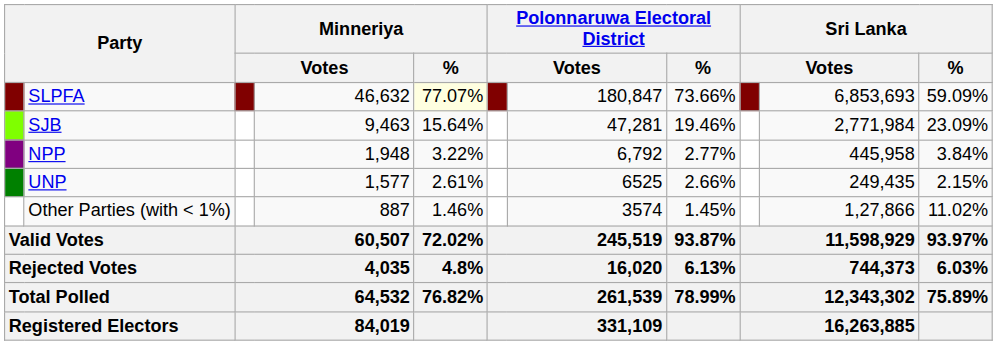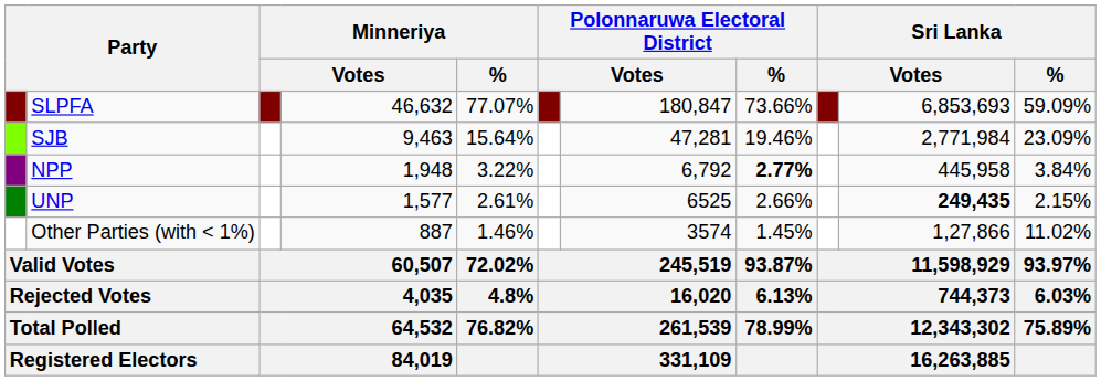 <table class="wikitable">
 <tr>
 <th colspan="2" width="144px"rowspan="2">Party</th>
 <th colspan="3" width="216px">Minneriya</th>
 <th colspan="3" width="216px"><a href='#'>Polonnaruwa Electoral District</a></th>
 <th colspan="3" width="216px">Sri Lanka</th>
 </tr>
 <tr>
 <th colspan="2" width="144px">Votes</th>
 <th>%</th>
 <th colspan="2" width="144px">Votes</th>
 <th>%</th>
 <th colspan="2" width="144px">Votes</th>
 <th>%</th>
 </tr>
 <tr>
 <td style="background-color:maroon;" width="10px"></td>
 <td style="text-align:left;"><a href='#'>SLPFA</a></td>
 <td style="background-color:maroon;" width="10px"></td>
 <td style="text-align:right;">46,632</td>
-<td style="background: lightyellow; text-align:right;">77.07%</td>
+<td style="text-align:right;">77.07%</td>
 <td style="background-color:maroon;" width="10px"></td>
 <td style="text-align:right;">180,847</td>
 <td style="text-align:right;">73.66%</td>
 <td style="background-color:maroon;" width="10px"></td>
 <td style="text-align:right;">6,853,693</td>
 <td style="text-align:right;">59.09%</td>
 </tr>
 <tr>
 <td style="background-color:chartreuse;" width="10px"></td>
 <td style="text-align:left;"><a href='#'>SJB</a></td>
 <td style="background-color:white;" width="10px"></td>
 <td style="text-align:right;">9,463</td>
 <td style="text-align:right;">15.64%</td>
 <td style="background-color:white;" width="10px"></td>
 <td style="text-align:right;">47,281</td>
 <td style="text-align:right;">19.46%</td>
 <td style="background-color:white;" width="10px"></td>
 <td style="text-align:right;">2,771,984</td>
 <td style="text-align:right;">23.09%</td>
 </tr>
 <tr>
 <td style="background-color:purple;" width="10px"></td>
 <td style="text-align:left;"><a href='#'>NPP</a></td>
 <td style="background-color:white;" width="10px"></td>
 <td style="text-align:right;">1,948</td>
 <td style="text-align:right;">3.22%</td>
 <td style="background-color:white;" width="10px"></td>
 <td style="text-align:right;">6,792</td>
-<td style="text-align:right;">2.77%</td>
+<td style="text-align:right;"><strong>2.77%</strong></td>
 <td style="background-color:white;" width="10px"></td>
 <td style="text-align:right;">445,958</td>
 <td style="text-align:right;">3.84%</td>
 </tr>
 <tr>
 <td style="background-color:Green;" width="10px"></td>
 <td style="text-align:left;"><a href='#'>UNP</a></td>
 <td style="background-color:white;" width="10px"></td>
 <td style="text-align:right;">1,577</td>
 <td style="text-align:right;">2.61%</td>
 <td style="background-color:white;" width="10px"></td>
 <td style="text-align:right;">6525</td>
 <td style="text-align:right;">2.66%</td>
 <td style="background-color:white;" width="10px"></td>
-<td style="text-align:right;">249,435</td>
+<td style="text-align:right;"><strong>249,435</strong></td>
 <td style="text-align:right;">2.15%</td>
 </tr>
 <tr>
 <td style="background-color:white;" width="10px"></td>
 <td style="text-align:left;">Other Parties (with < 1%)</td>
 <td style="background-color:white;" width="10px"></td>
 <td style="text-align:right;">887</td>
 <td style="text-align:right;">1.46%</td>
 <td style="background-color:white;" width="10px"></td>
 <td style="text-align:right;">3574</td>
 <td style="text-align:right;">1.45%</td>
 <td style="background-color:white;" width="10px"></td>
 <td style="text-align:right;">1,27,866</td>
 <td style="text-align:right;">11.02%</td>
 </tr>
 <tr>
 <th colspan="2" width="144px"style="text-align:left;">Valid Votes</th>
 <th style="text-align:right;"colspan="2" width="144px">60,507</th>
 <th style="text-align:right;">72.02%</th>
 <th style="text-align:right;"colspan="2" width="144px">245,519</th>
 <th style="text-align:right;">93.87%</th>
 <th style="text-align:right;"colspan="2" width="144px">11,598,929</th>
 <th style="text-align:right;">93.97%</th>
 </tr>
 <tr>
 <th colspan="2" width="144px"style="text-align:left;">Rejected Votes</th>
 <th style="text-align:right;"colspan="2" width="144px">4,035</th>
 <th style="text-align:right;">4.8%</th>
 <th style="text-align:right;"colspan="2" width="144px">16,020</th>
 <th style="text-align:right;">6.13%</th>
 <th style="text-align:right;"colspan="2" width="144px">744,373</th>
 <th style="text-align:right;">6.03%</th>
 </tr>
 <tr>
 <th colspan="2" width="144px"style="text-align:left;">Total Polled</th>
 <th style="text-align:right;"colspan="2" width="144px">64,532</th>
 <th style="text-align:right;">76.82%</th>
 <th style="text-align:right;"colspan="2" width="144px">261,539</th>
 <th style="text-align:right;">78.99%</th>
 <th style="text-align:right;"colspan="2" width="144px">12,343,302</th>
 <th style="text-align:right;">75.89%</th>
 </tr>
 <tr>
 <th colspan="2" width="144px"style="text-align:left;">Registered Electors</th>
 <th style="text-align:right;"colspan="2" width="144px">84,019</th>
 <th></th>
 <th style="text-align:right;"colspan="2" width="144px">331,109</th>
 <th></th>
 <th style="text-align:right;"colspan="2" width="144px">16,263,885</th>
 <th></th>
 </tr>
 </table>
